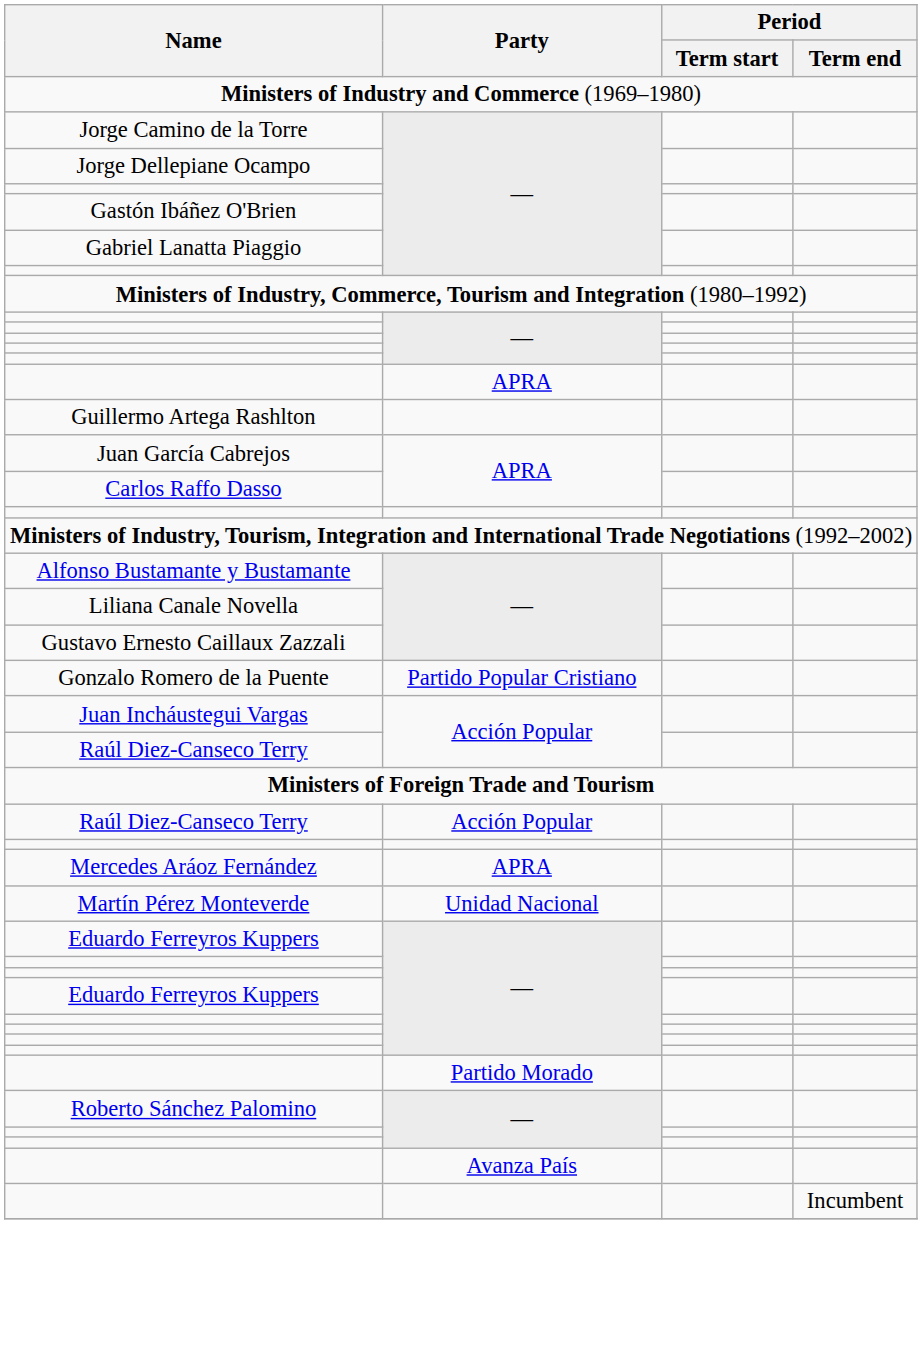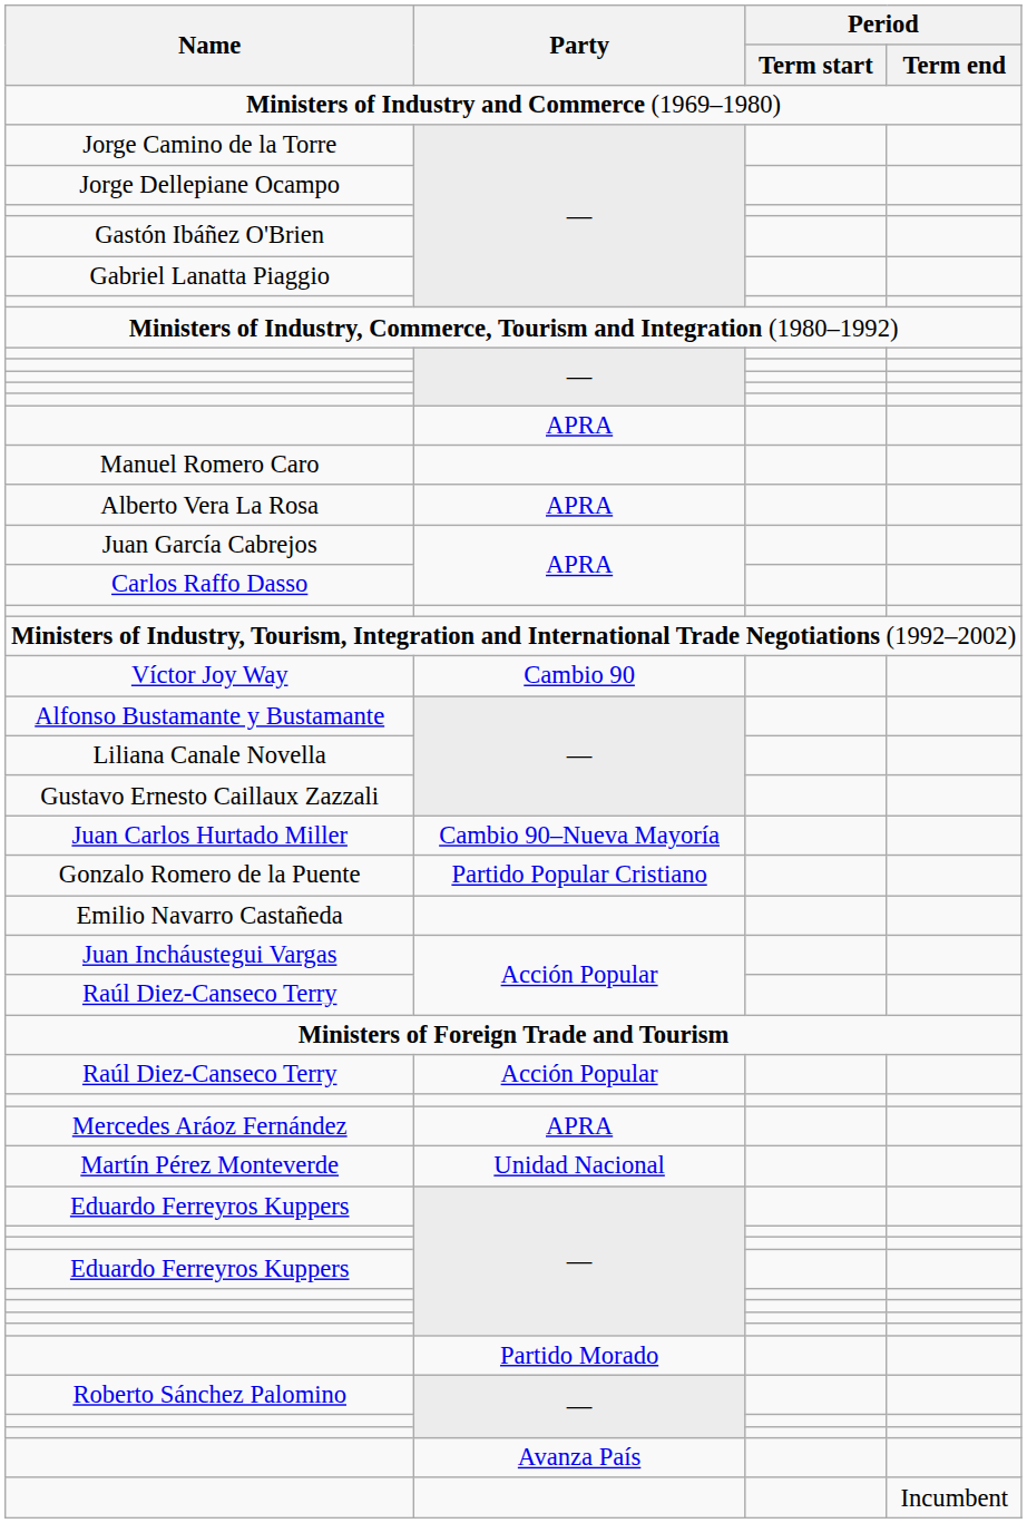 <table class="wikitable" style="text-align: center">
 <tr>
 <th rowspan=2><strong>Name</strong></th>
 <th rowspan=2><strong>Party</strong></th>
 <th colspan=2><strong>Period</strong></th>
 </tr>
 <tr>
 <th>Term start</th>
 <th>Term end</th>
 </tr>
 <tr>
 <td colspan=4><div><strong>Ministers of Industry and Commerce</strong> (1969–1980)</div></td>
 </tr>
 <tr>
 <td>Jorge Camino de la Torre</td>
 <td rowspan=6; style="background: var(--background-color-interactive, #ececec)">—</td>
 <td></td>
 <td></td>
 </tr>
 <tr>
 <td>Jorge Dellepiane Ocampo</td>
 <td></td>
 <td></td>
 </tr>
 <tr>
 <td></td>
 <td></td>
 <td></td>
 </tr>
 <tr>
 <td>Gastón Ibáñez O'Brien</td>
 <td></td>
 <td></td>
 </tr>
 <tr>
 <td>Gabriel Lanatta Piaggio</td>
 <td></td>
 <td></td>
 </tr>
 <tr>
 <td></td>
 <td></td>
 <td></td>
 </tr>
 <tr>
 <td colspan=4><div><strong>Ministers of Industry, Commerce, Tourism and Integration</strong> (1980–1992)</div></td>
 </tr>
 <tr>
 <td></td>
 <td rowspan=5; style="background: var(--background-color-interactive, #ececec)">—</td>
 <td></td>
 <td></td>
 </tr>
 <tr>
 <td></td>
 <td></td>
 <td></td>
 </tr>
 <tr>
 <td></td>
 <td></td>
 <td></td>
 </tr>
 <tr>
 <td></td>
 <td></td>
 <td></td>
 </tr>
 <tr>
 <td></td>
 <td></td>
 <td></td>
 </tr>
 <tr>
 <td></td>
 <td><a href='#'>APRA</a></td>
 <td></td>
 <td></td>
 </tr>
 <tr>
-<td>Guillermo Artega Rashlton</td>
+<td>Manuel Romero Caro</td>
 <td></td>
+<td></td>
+<td></td>
+</tr>
+<tr>
+<td>Alberto Vera La Rosa</td>
+<td><a href='#'>APRA</a></td>
 <td></td>
 <td></td>
 </tr>
 <tr>
 <td>Juan García Cabrejos</td>
 <td rowspan="2"><a href='#'>APRA</a></td>
 <td></td>
 <td></td>
 </tr>
 <tr>
 <td><a href='#'>Carlos Raffo Dasso</a></td>
 <td></td>
 <td></td>
 </tr>
 <tr>
 <td></td>
 <td></td>
 <td></td>
 <td></td>
 </tr>
 <tr>
 <td colspan=4><div><strong>Ministers of Industry, Tourism, Integration and International Trade Negotiations</strong> (1992–2002)</div></td>
 </tr>
 <tr>
+<td><a href='#'>Víctor Joy Way</a></td>
+<td><a href='#'>Cambio 90</a></td>
+<td></td>
+<td></td>
+</tr>
+<tr>
 <td><a href='#'>Alfonso Bustamante y Bustamante</a></td>
 <td rowspan=3; style="background: var(--background-color-interactive, #ececec)">—</td>
 <td></td>
 <td></td>
 </tr>
 <tr>
 <td>Liliana Canale Novella</td>
 <td></td>
 <td></td>
 </tr>
 <tr>
 <td>Gustavo Ernesto Caillaux Zazzali</td>
 <td></td>
 <td></td>
 </tr>
 <tr>
+<td><a href='#'>Juan Carlos Hurtado Miller</a></td>
+<td><a href='#'>Cambio 90–Nueva Mayoría</a></td>
+<td></td>
+<td></td>
+</tr>
+<tr>
 <td>Gonzalo Romero de la Puente</td>
 <td><a href='#'>Partido Popular Cristiano</a></td>
+<td></td>
+<td></td>
+</tr>
+<tr>
+<td>Emilio Navarro Castañeda</td>
+<td></td>
 <td></td>
 <td></td>
 </tr>
 <tr>
 <td><a href='#'>Juan Incháustegui Vargas</a></td>
 <td rowspan="2"><a href='#'>Acción Popular</a></td>
 <td></td>
 <td></td>
 </tr>
 <tr>
 <td><a href='#'>Raúl Diez-Canseco Terry</a></td>
 <td></td>
 <td></td>
 </tr>
 <tr>
 <td colspan=4><div><strong>Ministers of Foreign Trade and Tourism</strong></div></td>
 </tr>
 <tr>
 <td><a href='#'>Raúl Diez-Canseco Terry</a></td>
 <td><a href='#'>Acción Popular</a></td>
 <td></td>
 <td></td>
 </tr>
 <tr>
 <td></td>
 <td></td>
 <td></td>
 <td></td>
 </tr>
 <tr>
 <td><a href='#'>Mercedes Aráoz Fernández</a></td>
 <td><a href='#'>APRA</a></td>
 <td></td>
 <td></td>
 </tr>
 <tr>
 <td><a href='#'>Martín Pérez Monteverde</a></td>
 <td><a href='#'>Unidad Nacional</a></td>
 <td></td>
 <td></td>
 </tr>
 <tr>
 <td><a href='#'>Eduardo Ferreyros Kuppers</a></td>
 <td rowspan=8; style="background: var(--background-color-interactive, #ececec)">—</td>
 <td></td>
 <td></td>
 </tr>
 <tr>
 <td></td>
 <td></td>
 <td></td>
 </tr>
 <tr>
 <td></td>
 <td></td>
 <td></td>
 </tr>
 <tr>
 <td><a href='#'>Eduardo Ferreyros Kuppers</a></td>
 <td><br></td>
 <td><br></td>
 </tr>
 <tr>
 <td></td>
 <td></td>
 <td></td>
 </tr>
 <tr>
 <td></td>
 <td></td>
 <td></td>
 </tr>
 <tr>
 <td></td>
 <td></td>
 <td></td>
 </tr>
 <tr>
 <td></td>
 <td></td>
 <td></td>
 </tr>
 <tr>
 <td></td>
 <td><a href='#'>Partido Morado</a></td>
 <td></td>
 <td></td>
 </tr>
 <tr>
 <td><a href='#'>Roberto Sánchez Palomino</a></td>
 <td rowspan=3; style="background: var(--background-color-interactive, #ececec)">—</td>
 <td></td>
 <td></td>
 </tr>
 <tr>
 <td></td>
 <td></td>
 <td></td>
 </tr>
 <tr>
 <td></td>
 <td></td>
 <td></td>
 </tr>
 <tr>
 <td></td>
 <td><a href='#'>Avanza País</a></td>
 <td></td>
 <td></td>
 </tr>
 <tr>
 <td></td>
 <td></td>
 <td></td>
 <td>Incumbent</td>
 </tr>
 <tr>
 </tr>
 </table>
